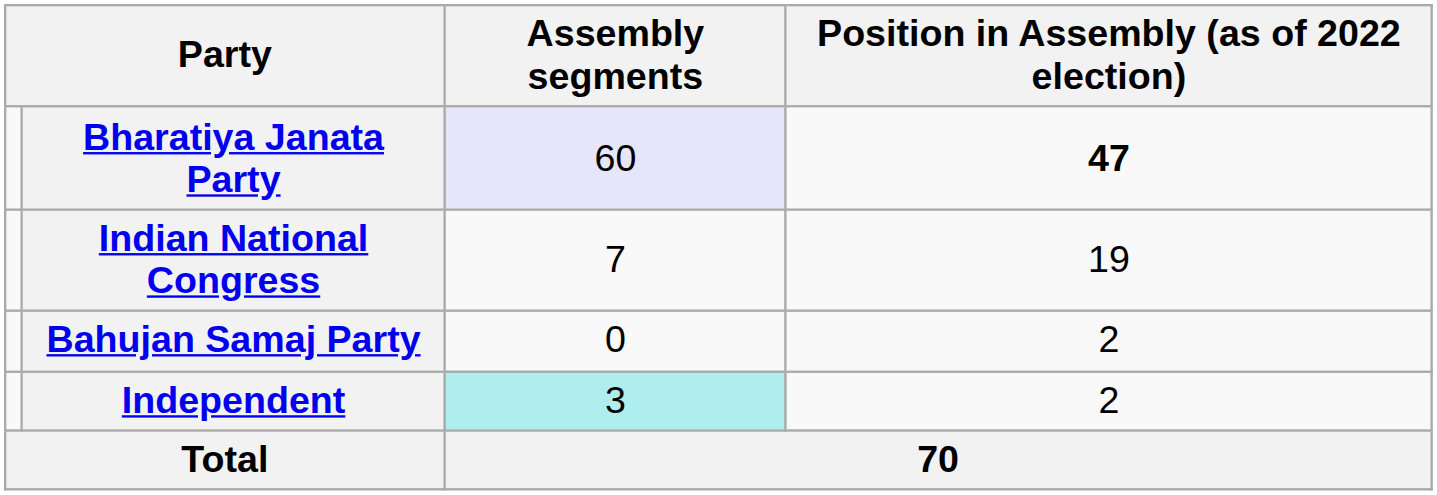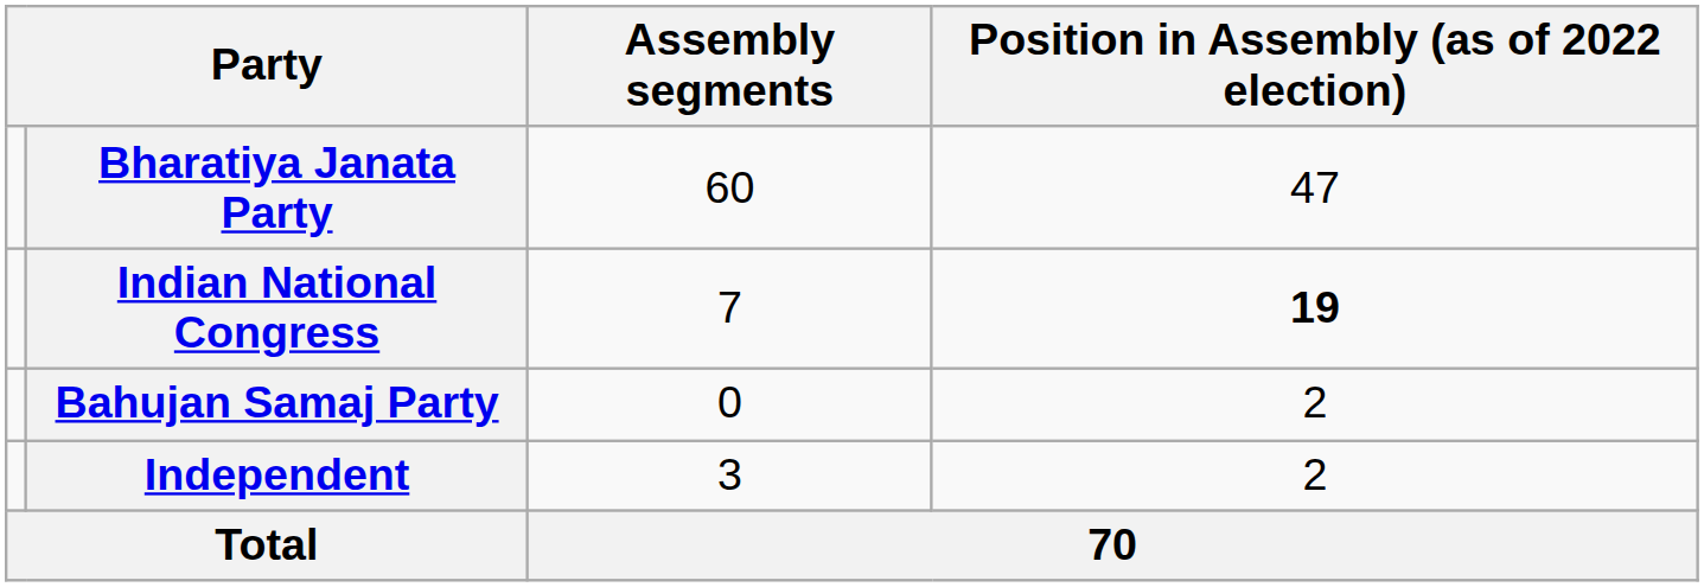 <table class="wikitable" style="text-align:center">
 <tr>
 <th colspan=2>Party</th>
 <th>Assembly segments</th>
 <th>Position in Assembly (as of 2022 election)</th>
 </tr>
 <tr>
 <td></td>
 <th><a href='#'>Bharatiya Janata Party</a></th>
-<td style="background: lavender;">60</td>
-<td><strong>47</strong></td>
+<td>60</td>
+<td>47</td>
 </tr>
 <tr>
 <td></td>
 <th><a href='#'>Indian National Congress</a></th>
 <td>7</td>
-<td>19</td>
+<td><strong>19</strong></td>
 </tr>
 <tr>
 <td></td>
 <th><a href='#'>Bahujan Samaj Party</a></th>
 <td>0</td>
 <td>2</td>
 </tr>
 <tr>
 <td></td>
 <th><a href='#'>Independent</a></th>
-<td style="background: paleturquoise;">3</td>
+<td>3</td>
 <td>2</td>
 </tr>
 <tr>
 <th colspan=2>Total</th>
 <th colspan=2>70</th>
 </tr>
 </table>
